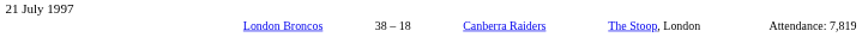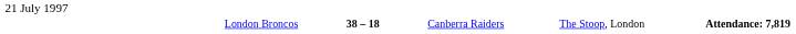 <table style="width:70%;" cellspacing="1">
 <tr>
 <th width=35%></th>
 <th width=15%></th>
 <th></th>
 </tr>
 <tr>
 <td>21 July 1997</td>
 </tr>
 <tr style=font-size:90%>
 <td align=right><a href='#'>London Broncos</a></td>
-<td align=center>38 – 18</td>
+<td align=center><strong>38 – 18</strong></td>
 <td><a href='#'>Canberra Raiders</a></td>
 <td><a href='#'>The Stoop</a>, London</td>
-<td>Attendance: 7,819</td>
+<td><strong>Attendance: 7,819</strong></td>
 </tr>
 </table>
